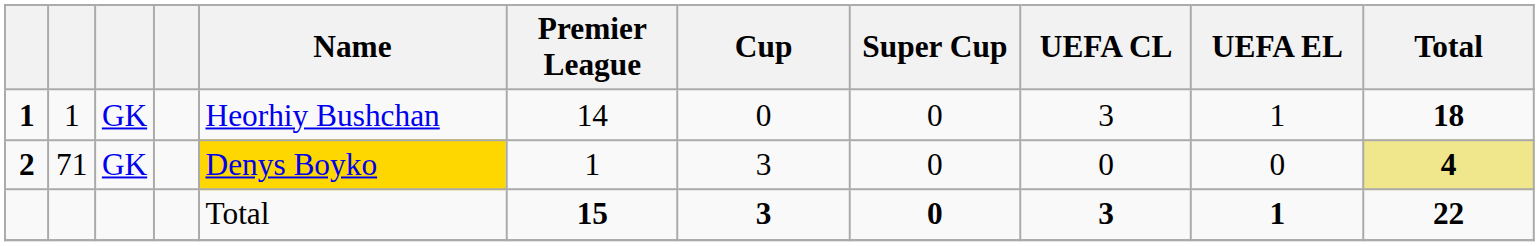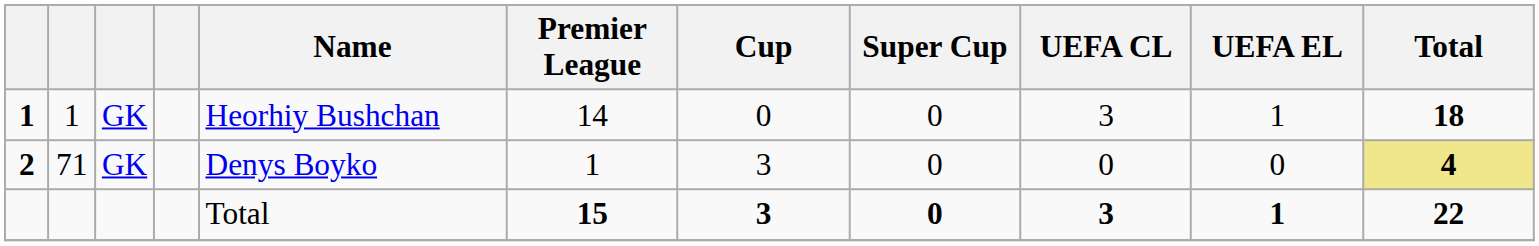 <table class="wikitable" style="text-align:center">
 <tr>
 <th width=15></th>
 <th width=15></th>
 <th width=15></th>
 <th width=15></th>
 <th width=150>Name</th>
 <th width=80>Premier League</th>
 <th width=80>Cup</th>
 <th width=80>Super Cup</th>
 <th width=80>UEFA CL</th>
 <th width=80>UEFA EL</th>
 <th width=80>Total</th>
 </tr>
 <tr>
 <td><strong>1</strong></td>
 <td>1</td>
 <td><a href='#'>GK</a></td>
 <td></td>
 <td align=left><a href='#'>Heorhiy Bushchan</a></td>
 <td>14</td>
 <td>0</td>
 <td>0</td>
 <td>3</td>
 <td>1</td>
 <td><strong>18</strong></td>
 </tr>
 <tr>
 <td><strong>2</strong></td>
 <td>71</td>
 <td><a href='#'>GK</a></td>
 <td></td>
-<td align=left style="background: gold;"><a href='#'>Denys Boyko</a></td>
+<td align=left><a href='#'>Denys Boyko</a></td>
 <td>1</td>
 <td>3</td>
 <td>0</td>
 <td>0</td>
 <td>0</td>
 <td style="background: khaki;"><strong>4</strong></td>
 </tr>
 <tr>
 <td></td>
 <td></td>
 <td></td>
 <td></td>
 <td align=left>Total</td>
 <td><strong>15</strong></td>
 <td><strong>3</strong></td>
 <td><strong>0</strong></td>
 <td><strong>3</strong></td>
 <td><strong>1</strong></td>
 <td><strong>22</strong></td>
 </tr>
 <tr>
 </tr>
 </table>
